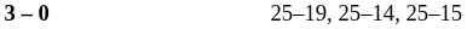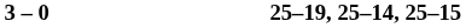 <table width=100% cellspacing=1>
 <tr>
 <th width=20%></th>
 <th width=12%></th>
 <th width=20%></th>
 <th width=33%></th>
 <td></td>
 </tr>
 <tr style=font-size:95%>
 <td align=right><strong></strong></td>
 <td align=center><strong>3 – 0</strong></td>
 <td></td>
-<td>25–19, 25–14, 25–15</td>
+<td><strong>25–19, 25–14, 25–15</strong></td>
 </tr>
 </table>
